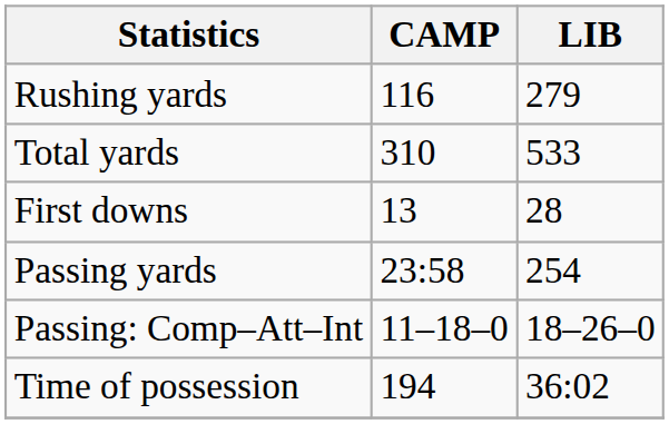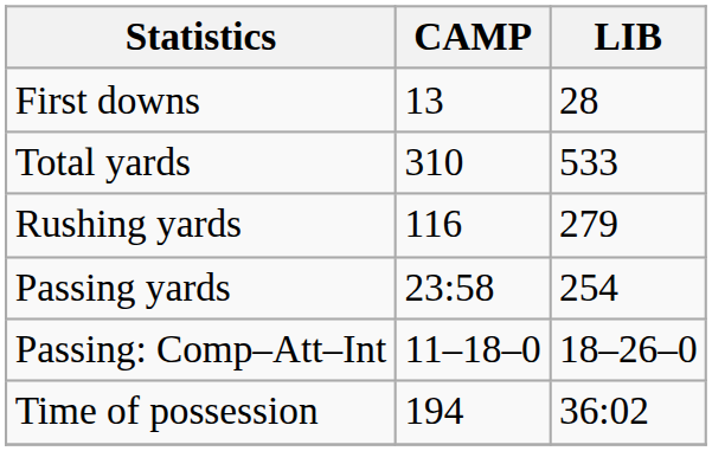 <table class="wikitable" style="float: left;">
 <tr>
 <th>Statistics</th>
 <th>CAMP</th>
 <th>LIB</th>
 </tr>
 <tr>
-<td>Rushing yards</td>
-<td>116</td>
-<td>279</td>
+<td>First downs</td>
+<td>13</td>
+<td>28</td>
 </tr>
 <tr>
 <td>Total yards</td>
 <td>310</td>
 <td>533</td>
 </tr>
 <tr>
-<td>First downs</td>
-<td>13</td>
-<td>28</td>
+<td>Rushing yards</td>
+<td>116</td>
+<td>279</td>
 </tr>
 <tr>
 <td>Passing yards</td>
 <td>23:58</td>
 <td>254</td>
 </tr>
 <tr>
 <td>Passing: Comp–Att–Int</td>
 <td>11–18–0</td>
 <td>18–26–0</td>
 </tr>
 <tr>
 <td>Time of possession</td>
 <td>194</td>
 <td>36:02</td>
 </tr>
 <tr>
 </tr>
 </table>
